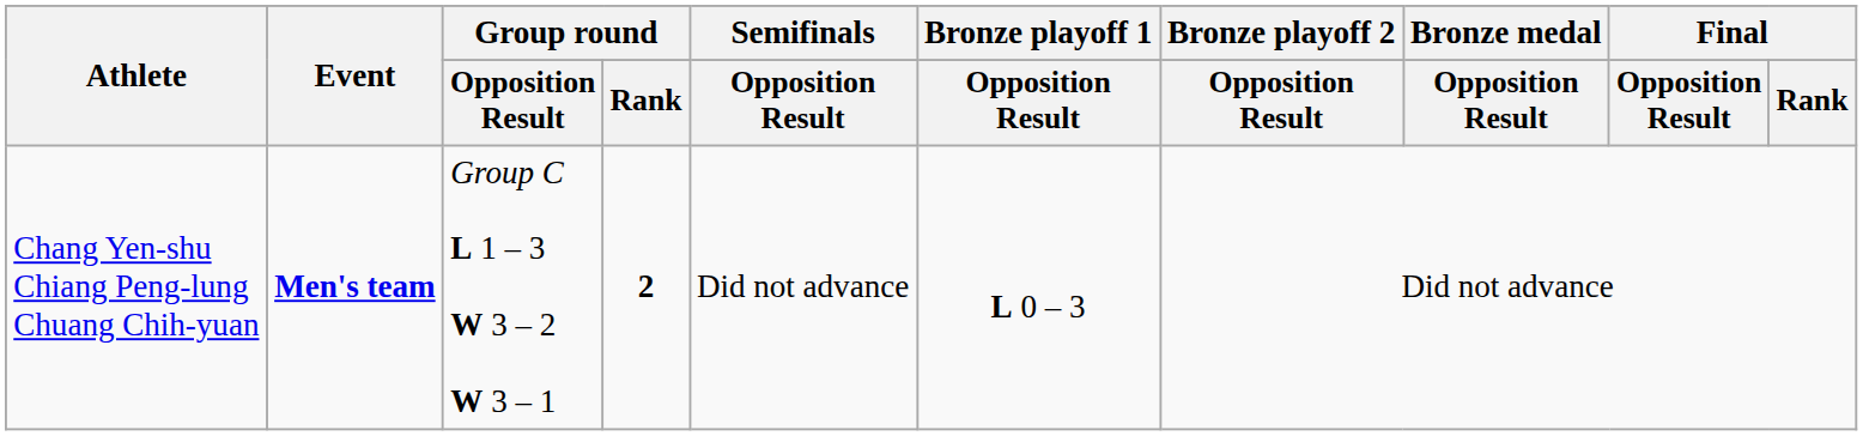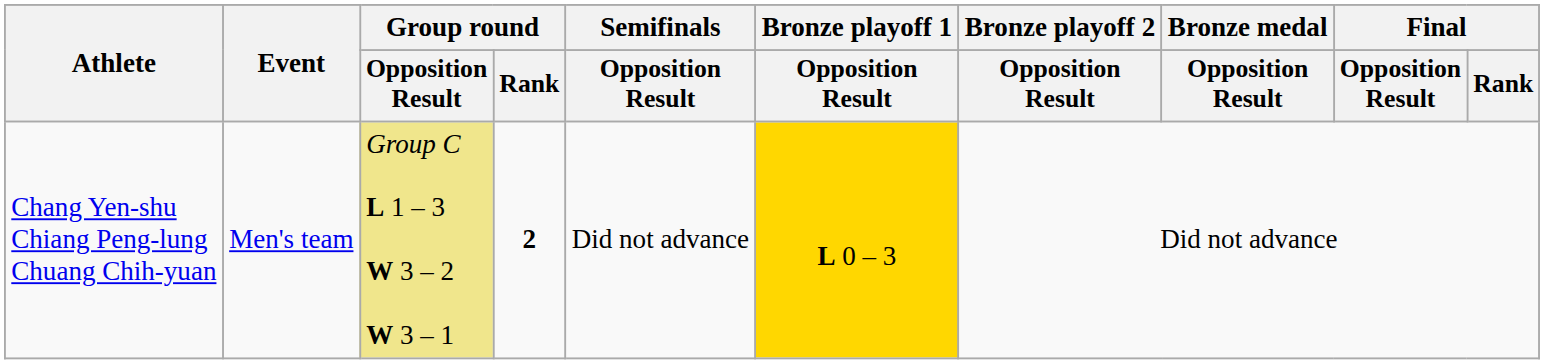 <table class="wikitable" style="font-size:90%;">
 <tr>
 <th rowspan="2">Athlete</th>
 <th rowspan="2">Event</th>
 <th colspan="2">Group round</th>
 <th>Semifinals</th>
 <th>Bronze playoff 1</th>
 <th>Bronze playoff 2</th>
 <th>Bronze medal</th>
 <th colspan=2>Final</th>
 </tr>
 <tr style="font-size:95%">
 <th>Opposition<br>Result</th>
 <th>Rank</th>
 <th>Opposition<br>Result</th>
 <th>Opposition<br>Result</th>
 <th>Opposition<br>Result</th>
 <th>Opposition<br>Result</th>
 <th>Opposition<br>Result</th>
 <th>Rank</th>
 </tr>
 <tr align=center>
 <td align=left><a href='#'>Chang Yen-shu</a><br><a href='#'>Chiang Peng-lung</a><br><a href='#'>Chuang Chih-yuan</a></td>
-<td align=left><strong><a href='#'>Men's team</a></strong></td>
-<td align=left><em>Group C</em><br><br><strong>L</strong> 1 – 3<br><br><strong>W</strong> 3 – 2<br><br><strong>W</strong> 3 – 1</td>
+<td align=left><a href='#'>Men's team</a></td>
+<td align=left style="background: khaki;"><em>Group C</em><br><br><strong>L</strong> 1 – 3<br><br><strong>W</strong> 3 – 2<br><br><strong>W</strong> 3 – 1</td>
 <td><strong>2</strong></td>
 <td>Did not advance</td>
-<td><br><strong>L</strong> 0 – 3</td>
+<td style="background: gold;"><br><strong>L</strong> 0 – 3</td>
 <td colspan=5>Did not advance</td>
 </tr>
 </table>
